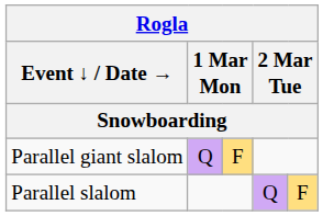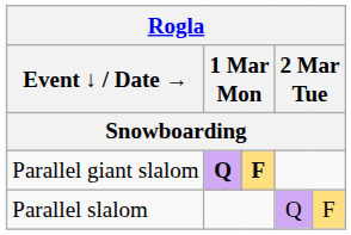 <table class="wikitable" style="margin:0.5em auto; font-size:90%; line-height:1.25em;text-align:center">
 <tr>
 <th colspan=5> <a href='#'>Rogla</a></th>
 </tr>
 <tr>
 <th>Event ↓ / Date →</th>
 <th colspan=2>1 Mar<br>Mon</th>
 <th colspan=2>2 Mar<br>Tue</th>
 </tr>
 <tr>
 <th colspan=5>Snowboarding</th>
 </tr>
 <tr>
 <td style="text-align:left;">Parallel giant slalom</td>
-<td style="background-color:#D0A9F5;">Q</td>
-<td style="background-color:#FFDF80;">F</td>
+<td style="background-color:#D0A9F5;"><strong>Q</strong></td>
+<td style="background-color:#FFDF80;"><strong>F</strong></td>
 <td colspan=2></td>
 </tr>
 <tr>
 <td style="text-align:left;">Parallel slalom</td>
 <td colspan=2></td>
 <td style="background-color:#D0A9F5;">Q</td>
 <td style="background-color:#FFDF80;">F</td>
 </tr>
 </table>
